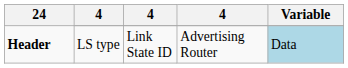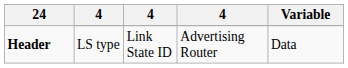 <table class="wikitable  floatright mw-collapsible mw-collapsed" style="width: 400px;">
 <tr>
 <th width="3%">24</th>
 <th width="3%">4</th>
 <th width="3%">4</th>
 <th width="3%">4</th>
 <th width="3%">Variable</th>
 </tr>
 <tr>
 <td rowspan="2" colspan="1"><strong>Header</strong></td>
 </tr>
 <tr>
 <td>LS type</td>
 <td>Link State ID</td>
 <td>Advertising Router</td>
-<td style="background: lightblue;">Data</td>
+<td>Data</td>
 </tr>
 </table>
